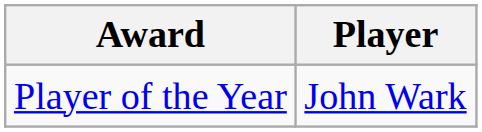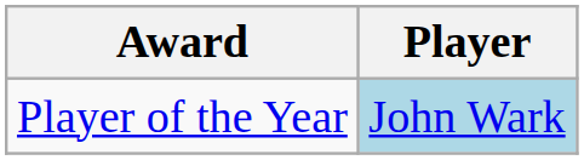 <table class="wikitable" style="text-align:center">
 <tr>
 <th width=0%>Award</th>
 <th width=0%>Player</th>
 </tr>
 <tr>
 <td><a href='#'>Player of the Year</a></td>
-<td><a href='#'>John Wark</a></td>
+<td style="background: lightblue;"><a href='#'>John Wark</a></td>
 </tr>
 </table>
